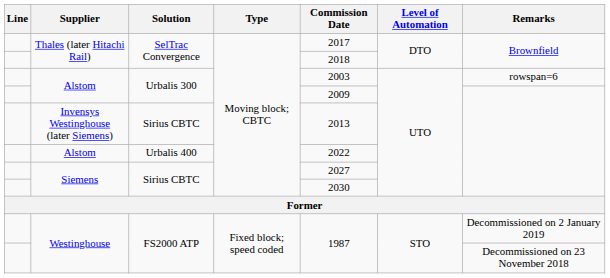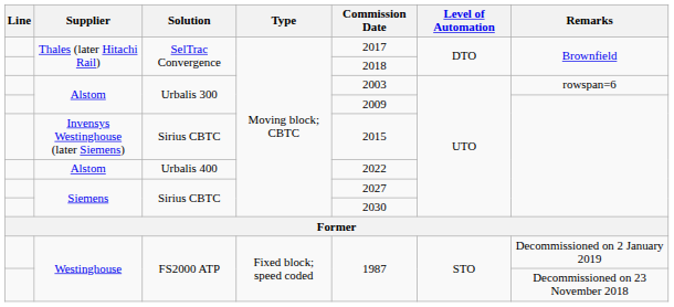 <table class="wikitable sortable" style=margin:auto;font-align:center;text-align:center>
 <tr>
 <th>Line</th>
 <th>Supplier</th>
 <th>Solution</th>
 <th>Type</th>
 <th>Commission Date</th>
 <th><a href='#'>Level of Automation</a></th>
 <th>Remarks</th>
 </tr>
 <tr>
 <td style=background-color:#><strong><a href='#'></a></strong></td>
 <td rowspan=2><a href='#'>Thales</a> (later <a href='#'>Hitachi Rail</a>)</td>
 <td rowspan=2><a href='#'>SelTrac</a> Convergence</td>
 <td rowspan=8>Moving block; CBTC</td>
 <td>2017</td>
 <td rowspan=2>DTO</td>
 <td rowspan=2><a href='#'>Brownfield</a></td>
 </tr>
 <tr>
 <td style=background-color:#><strong><a href='#'></a></strong></td>
 <td>2018</td>
 </tr>
 <tr>
 <td style=background-color:#><strong><a href='#'></a></strong></td>
 <td rowspan=2><a href='#'>Alstom</a></td>
 <td rowspan=2>Urbalis 300</td>
 <td>2003</td>
 <td rowspan=6>UTO</td>
 <td>rowspan=6 </td>
 </tr>
 <tr>
 <td style=background-color:#><strong><a href='#'></a></strong></td>
 <td>2009</td>
 </tr>
 <tr>
 <td style=background-color:#><strong><a href='#'></a></strong></td>
 <td><a href='#'>Invensys</a> <a href='#'>Westinghouse</a><br>(later <a href='#'>Siemens</a>)</td>
 <td>Sirius CBTC</td>
-<td>2013</td>
+<td>2015</td>
 </tr>
 <tr>
 <td style=background-color:#><strong><a href='#'></a></strong></td>
 <td><a href='#'>Alstom</a></td>
 <td>Urbalis 400</td>
 <td>2022</td>
 </tr>
 <tr>
 <td style=background-color:#><strong><a href='#'></a></strong></td>
 <td rowspan=2><a href='#'>Siemens</a></td>
 <td rowspan=2>Sirius CBTC</td>
 <td>2027</td>
 </tr>
 <tr>
 <td style=background-color:#><strong><a href='#'></a></strong></td>
 <td>2030</td>
 </tr>
 <tr>
 <th colspan=7>Former</th>
 </tr>
 <tr>
 <td style=background-color:#><strong><a href='#'></a></strong></td>
 <td rowspan=2><a href='#'>Westinghouse</a></td>
 <td rowspan=2>FS2000 ATP</td>
 <td rowspan=2>Fixed block; speed coded</td>
 <td rowspan=2>1987</td>
 <td rowspan=2>STO</td>
 <td>Decommissioned on 2 January 2019</td>
 </tr>
 <tr>
 <td style=background-color:#><strong><a href='#'></a></strong></td>
 <td>Decommissioned on 23 November 2018</td>
 </tr>
 </table>
